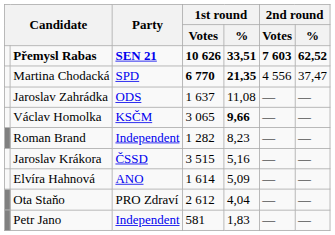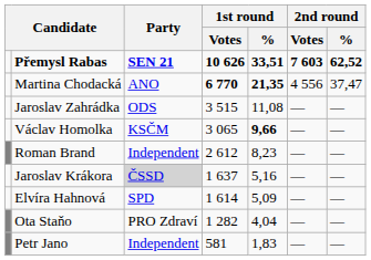 <table class="wikitable sortable">
 <tr>
 <th colspan="2" rowspan="2">Candidate</th>
 <th rowspan="2">Party</th>
 <th colspan="2">1st round</th>
 <th colspan="2">2nd round</th>
 </tr>
 <tr>
 <th>Votes</th>
 <th>%</th>
 <th>Votes</th>
 <th>%</th>
 </tr>
 <tr>
 <td style="background-color:"></td>
 <td><strong>Přemysl Rabas</strong></td>
 <td><strong><a href='#'>SEN 21</a></strong></td>
 <td><strong>10 626</strong></td>
 <td><strong>33,51</strong></td>
 <td><strong>7 603</strong></td>
 <td><strong>62,52</strong></td>
 </tr>
 <tr>
 <td style="background-color:"></td>
 <td>Martina Chodacká</td>
-<td><a href='#'>SPD</a></td>
+<td><a href='#'>ANO</a></td>
 <td><strong>6 770</strong></td>
 <td><strong>21,35</strong></td>
 <td>4 556</td>
 <td>37,47</td>
 </tr>
 <tr>
 <td style="background-color:"></td>
 <td>Jaroslav Zahrádka</td>
 <td><a href='#'>ODS</a></td>
-<td>1 637</td>
+<td>3 515</td>
 <td>11,08</td>
 <td>—</td>
 <td>—</td>
 </tr>
 <tr>
 <td style="background-color:"></td>
 <td>Václav Homolka</td>
 <td><a href='#'>KSČM</a></td>
 <td>3 065</td>
 <td><strong>9,66</strong></td>
 <td>—</td>
 <td>—</td>
 </tr>
 <tr>
 <td style="background-color:gray;"></td>
 <td>Roman Brand</td>
 <td><a href='#'>Independent</a></td>
-<td>1 282</td>
+<td>2 612</td>
 <td>8,23</td>
 <td>—</td>
 <td>—</td>
 </tr>
 <tr>
 <td style="background-color:"></td>
 <td>Jaroslav Krákora</td>
-<td><a href='#'>ČSSD</a></td>
-<td>3 515</td>
+<td style="background: lightgrey;"><a href='#'>ČSSD</a></td>
+<td>1 637</td>
 <td>5,16</td>
 <td>—</td>
 <td>—</td>
 </tr>
 <tr>
 <td style="background-color:"></td>
 <td>Elvíra Hahnová</td>
-<td><a href='#'>ANO</a></td>
+<td><a href='#'>SPD</a></td>
 <td>1 614</td>
 <td>5,09</td>
 <td>—</td>
 <td>—</td>
 </tr>
 <tr>
 <td style="background-color:gray;"></td>
 <td>Ota Staňo</td>
 <td>PRO Zdraví</td>
-<td>2 612</td>
+<td>1 282</td>
 <td>4,04</td>
 <td>—</td>
 <td>—</td>
 </tr>
 <tr>
 <td style="background-color:gray;"></td>
 <td>Petr Jano</td>
 <td><a href='#'>Independent</a></td>
 <td>581</td>
 <td>1,83</td>
 <td>—</td>
 <td>—</td>
 </tr>
 </table>
